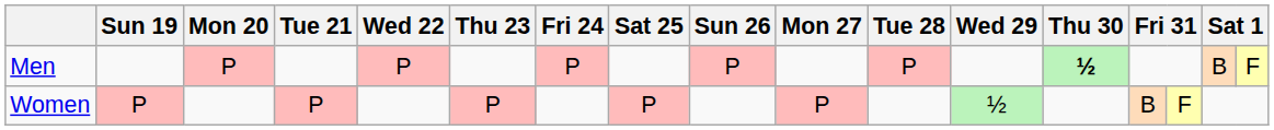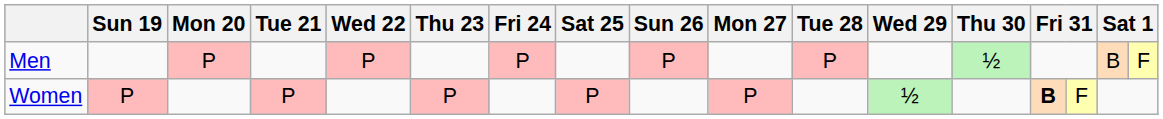 <table class="wikitable" style="margin:0.5em auto; font-size:90%; line-height:1.25em; text-align:center">
 <tr>
 <th></th>
 <th>Sun 19</th>
 <th>Mon 20</th>
 <th>Tue 21</th>
 <th>Wed 22</th>
 <th>Thu 23</th>
 <th>Fri 24</th>
 <th>Sat 25</th>
 <th>Sun 26</th>
 <th>Mon 27</th>
 <th>Tue 28</th>
 <th>Wed 29</th>
 <th>Thu 30</th>
 <th colspan="2">Fri 31</th>
 <th colspan="2">Sat 1</th>
 </tr>
 <tr>
 <td align="left"><a href='#'>Men</a></td>
 <td></td>
 <td bgcolor="#FFBBBB">P</td>
 <td></td>
 <td bgcolor="#FFBBBB">P</td>
 <td></td>
 <td bgcolor="#FFBBBB">P</td>
 <td></td>
 <td bgcolor="#FFBBBB">P</td>
 <td></td>
 <td bgcolor="#FFBBBB">P</td>
 <td></td>
-<td bgcolor="#BBF3BB"><strong>½</strong></td>
+<td bgcolor="#BBF3BB">½</td>
 <td colspan="2"></td>
 <td bgcolor="#FEDCBA">B</td>
 <td bgcolor="#FFFFB">F</td>
 </tr>
 <tr>
 <td align="left"><a href='#'>Women</a></td>
 <td bgcolor="#FFBBBB">P</td>
 <td></td>
 <td bgcolor="#FFBBBB">P</td>
 <td></td>
 <td bgcolor="#FFBBBB">P</td>
 <td></td>
 <td bgcolor="#FFBBBB">P</td>
 <td></td>
 <td bgcolor="#FFBBBB">P</td>
 <td></td>
 <td bgcolor="#BBF3BB">½</td>
 <td></td>
-<td bgcolor="#FEDCBA">B</td>
+<td bgcolor="#FEDCBA"><strong>B</strong></td>
 <td bgcolor="#FFFFB">F</td>
 <td colspan="2"></td>
 </tr>
 </table>
